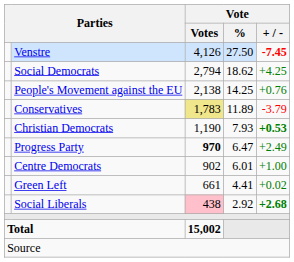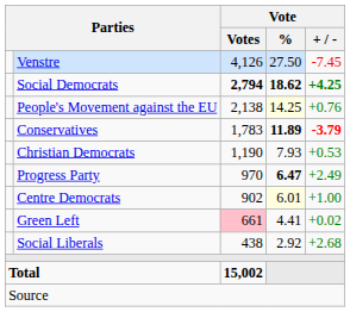 <table class="wikitable" style="text-align:right;">
 <tr>
 <th style="text-align:centre;" rowspan="2" colspan="2" width="225">Parties</th>
 <th colspan="3">Vote</th>
 </tr>
 <tr>
 <th width="15">Votes</th>
 <th width="15">%</th>
 <th width="15">+ / -</th>
 </tr>
 <tr>
 <td width="2" style="color:inherit;background:"></td>
 <td bgcolor=#cfe5fe   align="left"><a href='#'>Venstre</a></td>
 <td bgcolor=#cfe5fe>4,126</td>
 <td bgcolor=#cfe5fe>27.50</td>
-<td style=color:red;><strong>-7.45</strong></td>
+<td style=color:red;>-7.45</td>
 </tr>
 <tr>
 <td width="2" style="color:inherit;background:"></td>
 <td align="left"><a href='#'>Social Democrats</a></td>
-<td>2,794</td>
-<td>18.62</td>
-<td style=color:green;>+4.25</td>
+<td><strong>2,794</strong></td>
+<td><strong>18.62</strong></td>
+<td style=color:green;><strong>+4.25</strong></td>
 </tr>
 <tr>
 <td width="2" style="color:inherit;background:"></td>
 <td align="left"><a href='#'>People's Movement against the EU</a></td>
 <td>2,138</td>
-<td>14.25</td>
+<td style="background: lightyellow;">14.25</td>
 <td style=color:green;>+0.76</td>
 </tr>
 <tr>
 <td width="2" style="color:inherit;background:"></td>
 <td align="left"><a href='#'>Conservatives</a></td>
-<td style="background: khaki;">1,783</td>
-<td>11.89</td>
-<td style=color:red;>-3.79</td>
+<td>1,783</td>
+<td><strong>11.89</strong></td>
+<td style=color:red;><strong>-3.79</strong></td>
 </tr>
 <tr>
 <td width="2" style="color:inherit;background:"></td>
 <td align="left"><a href='#'>Christian Democrats</a></td>
 <td>1,190</td>
 <td>7.93</td>
-<td style=color:green;><strong>+0.53</strong></td>
+<td style=color:green;>+0.53</td>
 </tr>
 <tr>
 <td width="2" style="color:inherit;background:"></td>
 <td align="left"><a href='#'>Progress Party</a></td>
-<td><strong>970</strong></td>
-<td>6.47</td>
+<td>970</td>
+<td><strong>6.47</strong></td>
 <td style=color:green;>+2.49</td>
 </tr>
 <tr>
 <td width="2" style="color:inherit;background:"></td>
 <td align="left"><a href='#'>Centre Democrats</a></td>
 <td>902</td>
-<td>6.01</td>
+<td style="background: lightyellow;">6.01</td>
 <td style=color:green;>+1.00</td>
 </tr>
 <tr>
 <td width="2" style="color:inherit;background:"></td>
 <td align="left"><a href='#'>Green Left</a></td>
-<td>661</td>
+<td style="background: pink;">661</td>
 <td>4.41</td>
 <td style=color:green;>+0.02</td>
 </tr>
 <tr>
 <td width="2" style="color:inherit;background:"></td>
 <td align="left"><a href='#'>Social Liberals</a></td>
-<td style="background: pink;">438</td>
+<td>438</td>
 <td>2.92</td>
-<td style=color:green;><strong>+2.68</strong></td>
+<td style=color:green;>+2.68</td>
 </tr>
 <tr>
 <td colspan="7" bgcolor="#E9E9E9"></td>
 </tr>
 <tr>
 <td align="left" colspan="2"><strong>Total</strong></td>
 <td><strong>15,002</strong></td>
 <td bgcolor="#E9E9E9" colspan="2"></td>
 </tr>
 <tr>
 <td align="left" colspan="6">Source</td>
 </tr>
 </table>
